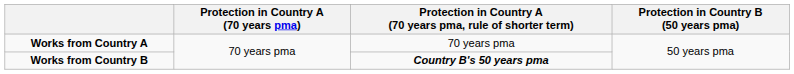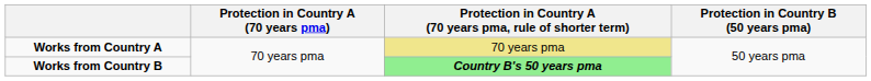 <table class="wikitable" style="text-align: center; margin-left: auto; margin-right: auto; border: none; width: 90%;">
 <tr>
 <th></th>
 <th>Protection in Country A<br> (70 years <a href='#'>pma</a>)</th>
 <th>Protection in Country A<br> (70 years pma, rule of shorter term)</th>
 <th>Protection in Country B<br> (50 years pma)</th>
 </tr>
 <tr>
 <td><strong>Works from Country A</strong></td>
 <td rowspan="2">70 years pma</td>
-<td>70 years pma</td>
+<td style="background: khaki;">70 years pma</td>
 <td rowspan="2">50 years pma</td>
 </tr>
 <tr>
 <td><strong>Works from Country B</strong></td>
-<td><strong><em>Country B's 50 years pma</em></strong></td>
+<td style="background: lightgreen;"><strong><em>Country B's 50 years pma</em></strong></td>
 </tr>
 </table>
